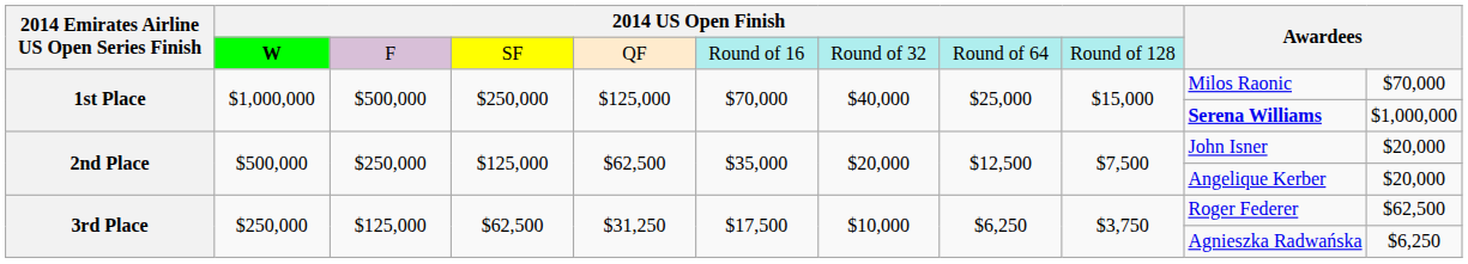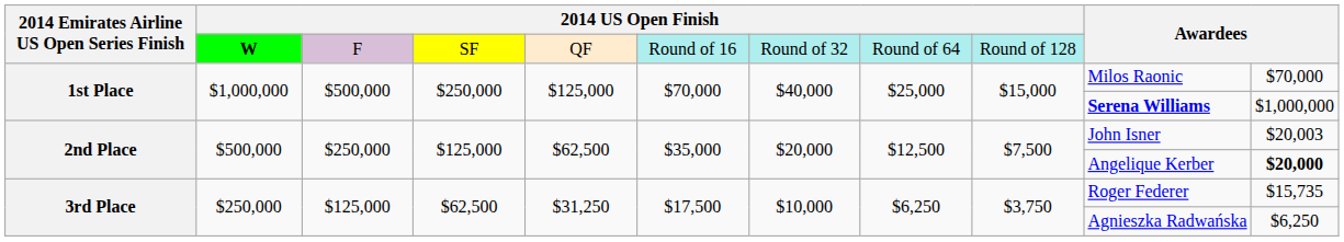 <table class=wikitable style=font-size:90%;text-align:center>
 <tr>
 <th rowspan=2>2014 Emirates Airline US Open Series Finish</th>
 <th colspan=8>2014 US Open Finish</th>
 <th rowspan=2 colspan=2>Awardees</th>
 </tr>
 <tr>
 <td style="width:80px; background:lime;"><strong>W</strong></td>
 <td style="width:85px; background:thistle;">F</td>
 <td style="width:85px; background:#ff0;">SF</td>
 <td style="width:85px; background:#ffebcd;">QF</td>
 <td style="width:85px; background:#afeeee;">Round of 16</td>
 <td style="width:85px; background:#afeeee;">Round of 32</td>
 <td style="width:85px; background:#afeeee;">Round of 64</td>
 <td style="width:85px; background:#afeeee;">Round of 128</td>
 </tr>
 <tr>
 <th width=150 rowspan=2>1st Place</th>
 <td rowspan=2>$1,000,000</td>
 <td rowspan=2>$500,000</td>
 <td rowspan=2>$250,000</td>
 <td rowspan=2>$125,000</td>
 <td rowspan=2>$70,000</td>
 <td rowspan=2>$40,000</td>
 <td rowspan=2>$25,000</td>
 <td rowspan=2>$15,000</td>
 <td align=left> <a href='#'>Milos Raonic</a></td>
 <td>$70,000</td>
 </tr>
 <tr>
 <td align=left><strong> <a href='#'>Serena Williams</a></strong></td>
 <td>$1,000,000</td>
 </tr>
 <tr>
 <th width=150 rowspan=2>2nd Place</th>
 <td rowspan=2>$500,000</td>
 <td rowspan=2>$250,000</td>
 <td rowspan=2>$125,000</td>
 <td rowspan=2>$62,500</td>
 <td rowspan=2>$35,000</td>
 <td rowspan=2>$20,000</td>
 <td rowspan=2>$12,500</td>
 <td rowspan=2>$7,500</td>
 <td align=left> <a href='#'>John Isner</a></td>
-<td>$20,000</td>
+<td>$20,003</td>
 </tr>
 <tr>
 <td align=left> <a href='#'>Angelique Kerber</a></td>
-<td>$20,000</td>
+<td><strong>$20,000</strong></td>
 </tr>
 <tr>
 <th width=150 rowspan=2>3rd Place</th>
 <td rowspan=2>$250,000</td>
 <td rowspan=2>$125,000</td>
 <td rowspan=2>$62,500</td>
 <td rowspan=2>$31,250</td>
 <td rowspan=2>$17,500</td>
 <td rowspan=2>$10,000</td>
 <td rowspan=2>$6,250</td>
 <td rowspan=2>$3,750</td>
 <td align=left> <a href='#'>Roger Federer</a></td>
-<td>$62,500</td>
+<td>$15,735</td>
 </tr>
 <tr>
 <td align=left> <a href='#'>Agnieszka Radwańska</a></td>
 <td>$6,250</td>
 </tr>
 </table>
